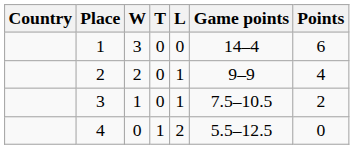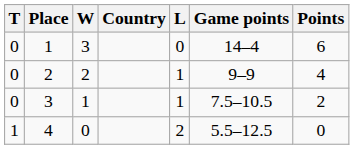 <table class="wikitable sortable" style="text-align:center">
 <tr>
-<th>Country</th>
+<th>T</th>
 <th>Place</th>
 <th>W</th>
-<th>T</th>
+<th>Country</th>
 <th>L</th>
 <th>Game points</th>
 <th>Points</th>
 </tr>
 <tr>
-<td align=left></td>
+<td>0</td>
 <td>1</td>
 <td>3</td>
-<td>0</td>
+<td align=left></td>
 <td>0</td>
 <td>14–4</td>
 <td>6</td>
 </tr>
 <tr>
-<td align=left></td>
+<td>0</td>
 <td>2</td>
 <td>2</td>
-<td>0</td>
+<td align=left></td>
 <td>1</td>
 <td>9–9</td>
 <td>4</td>
 </tr>
 <tr>
-<td align=left></td>
+<td>0</td>
 <td>3</td>
 <td>1</td>
-<td>0</td>
+<td align=left></td>
 <td>1</td>
 <td>7.5–10.5</td>
 <td>2</td>
 </tr>
 <tr>
-<td align=left></td>
+<td>1</td>
 <td>4</td>
 <td>0</td>
-<td>1</td>
+<td align=left></td>
 <td>2</td>
 <td>5.5–12.5</td>
 <td>0</td>
 </tr>
 </table>
